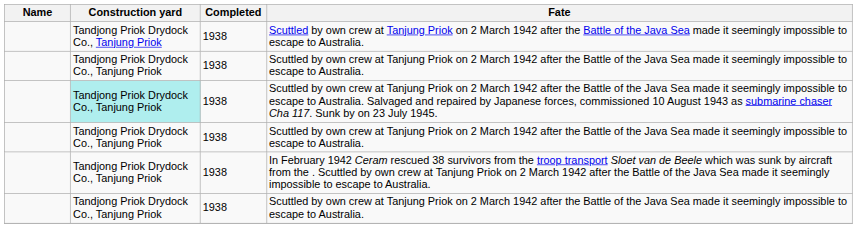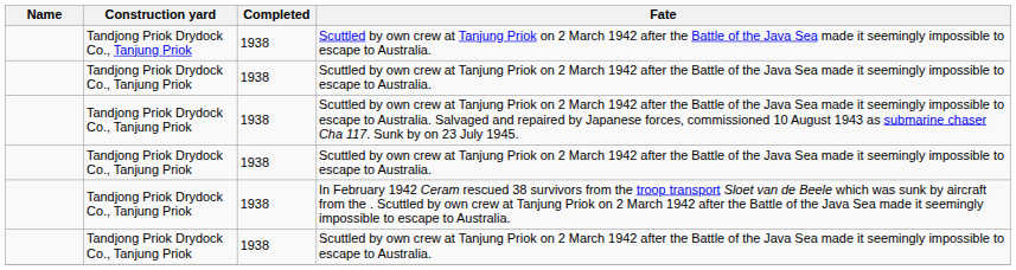 <table class="wikitable">
 <tr>
 <th width="90">Name</th>
 <th>Construction yard</th>
 <th width="90">Completed</th>
 <th>Fate</th>
 </tr>
 <tr>
 <td></td>
 <td>Tandjong Priok Drydock Co., <a href='#'>Tanjung Priok</a></td>
 <td>1938</td>
 <td><a href='#'>Scuttled</a> by own crew at <a href='#'>Tanjung Priok</a> on 2 March 1942 after the <a href='#'>Battle of the Java Sea</a> made it seemingly impossible to escape to Australia.</td>
 </tr>
 <tr>
 <td></td>
 <td>Tandjong Priok Drydock Co., Tanjung Priok</td>
 <td>1938</td>
 <td>Scuttled by own crew at Tanjung Priok on 2 March 1942 after the Battle of the Java Sea made it seemingly impossible to escape to Australia.</td>
 </tr>
 <tr>
 <td></td>
-<td style="background: paleturquoise;">Tandjong Priok Drydock Co., Tanjung Priok</td>
+<td>Tandjong Priok Drydock Co., Tanjung Priok</td>
 <td>1938</td>
 <td>Scuttled by own crew at Tanjung Priok on 2 March 1942 after the Battle of the Java Sea made it seemingly impossible to escape to Australia. Salvaged and repaired by Japanese forces, commissioned 10 August 1943 as <a href='#'>submarine chaser</a> <em>Cha 117</em>. Sunk by  on 23 July 1945.</td>
 </tr>
 <tr>
 <td></td>
 <td>Tandjong Priok Drydock Co., Tanjung Priok</td>
 <td>1938</td>
 <td>Scuttled by own crew at Tanjung Priok on 2 March 1942 after the Battle of the Java Sea made it seemingly impossible to escape to Australia.</td>
 </tr>
 <tr>
 <td></td>
 <td>Tandjong Priok Drydock Co., Tanjung Priok</td>
 <td>1938</td>
 <td>In February 1942 <em>Ceram</em> rescued 38 survivors from the <a href='#'>troop transport</a> <em>Sloet van de Beele</em> which was sunk by aircraft from the . Scuttled by own crew at Tanjung Priok on 2 March 1942 after the Battle of the Java Sea made it seemingly impossible to escape to Australia.</td>
 </tr>
 <tr>
 <td></td>
 <td>Tandjong Priok Drydock Co., Tanjung Priok</td>
 <td>1938</td>
 <td>Scuttled by own crew at Tanjung Priok on 2 March 1942 after the Battle of the Java Sea made it seemingly impossible to escape to Australia.</td>
 </tr>
 <tr>
 </tr>
 </table>
